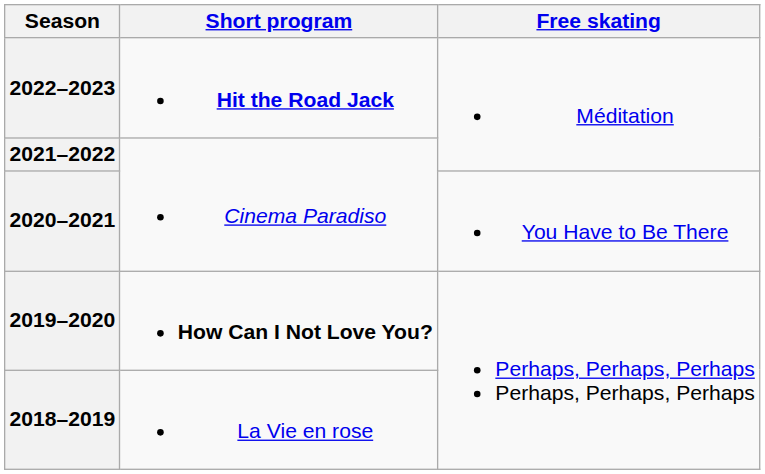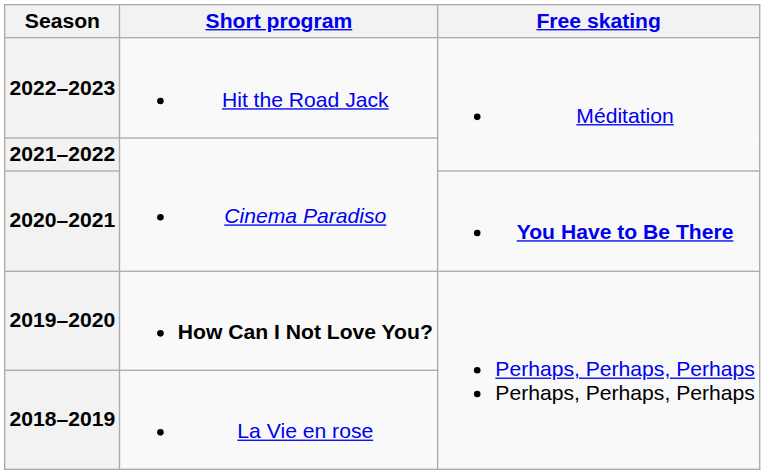 <table class=wikitable style=text-align:center>
 <tr>
 <th>Season</th>
 <th><a href='#'>Short program</a></th>
 <th><a href='#'>Free skating</a></th>
 </tr>
 <tr>
 <th>2022–2023 <br> </th>
-<td><strong><br><ul><li><a href='#'>Hit the Road Jack</a> <br> </li></ul></strong></td>
+<td><br><ul><li><a href='#'>Hit the Road Jack</a> <br> </li></ul></td>
 <td rowspan="2"><br><ul><li><a href='#'>Méditation</a> <br> </li></ul></td>
 </tr>
 <tr>
 <th>2021–2022 <br> </th>
 <td rowspan="2"><br><ul><li><em><a href='#'>Cinema Paradiso</a></em> <br> </li></ul></td>
 </tr>
 <tr>
 <th>2020–2021 <br> </th>
-<td><br><ul><li><a href='#'>You Have to Be There</a> <br> </li></ul></td>
+<td><strong><br><ul><li><a href='#'>You Have to Be There</a> <br> </li></ul></strong></td>
 </tr>
 <tr>
 <th>2019–2020</th>
 <td><strong><br><ul><li>How Can I Not Love You? <br> </li></ul></strong></td>
 <td rowspan="2"><br><ul><li><a href='#'>Perhaps, Perhaps, Perhaps</a> <br> </li><li>Perhaps, Perhaps, Perhaps <br> </li></ul></td>
 </tr>
 <tr>
 <th>2018–2019</th>
 <td><br><ul><li><a href='#'>La Vie en rose</a> <br> </li></ul></td>
 </tr>
 </table>
